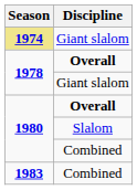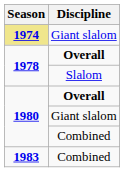 <table class="wikitable">
 <tr>
 <th>Season</th>
 <th>Discipline</th>
 </tr>
 <tr mjgfjgkffgk>
 <td rowspan=1 align=center style="background: khaki;"><strong><a href='#'>1974</a></strong></td>
 <td align=center><a href='#'>Giant slalom</a></td>
 </tr>
 <tr>
 <td rowspan=2 align=center><strong><a href='#'>1978</a></strong></td>
 <td align=center><strong>Overall</strong></td>
 </tr>
 <tr>
-<td align=center>Giant slalom</td>
+<td align=center><a href='#'>Slalom</a></td>
 </tr>
 <tr>
 <td rowspan=3 align=center><strong><a href='#'>1980</a></strong></td>
 <td align=center><strong>Overall</strong></td>
 </tr>
 <tr>
-<td align=center><a href='#'>Slalom</a></td>
+<td align=center>Giant slalom</td>
 </tr>
 <tr>
 <td align=center>Combined</td>
 </tr>
 <tr>
 <td rowspan=1 align=center><strong><a href='#'>1983</a></strong></td>
 <td align=center>Combined</td>
 </tr>
 </table>
